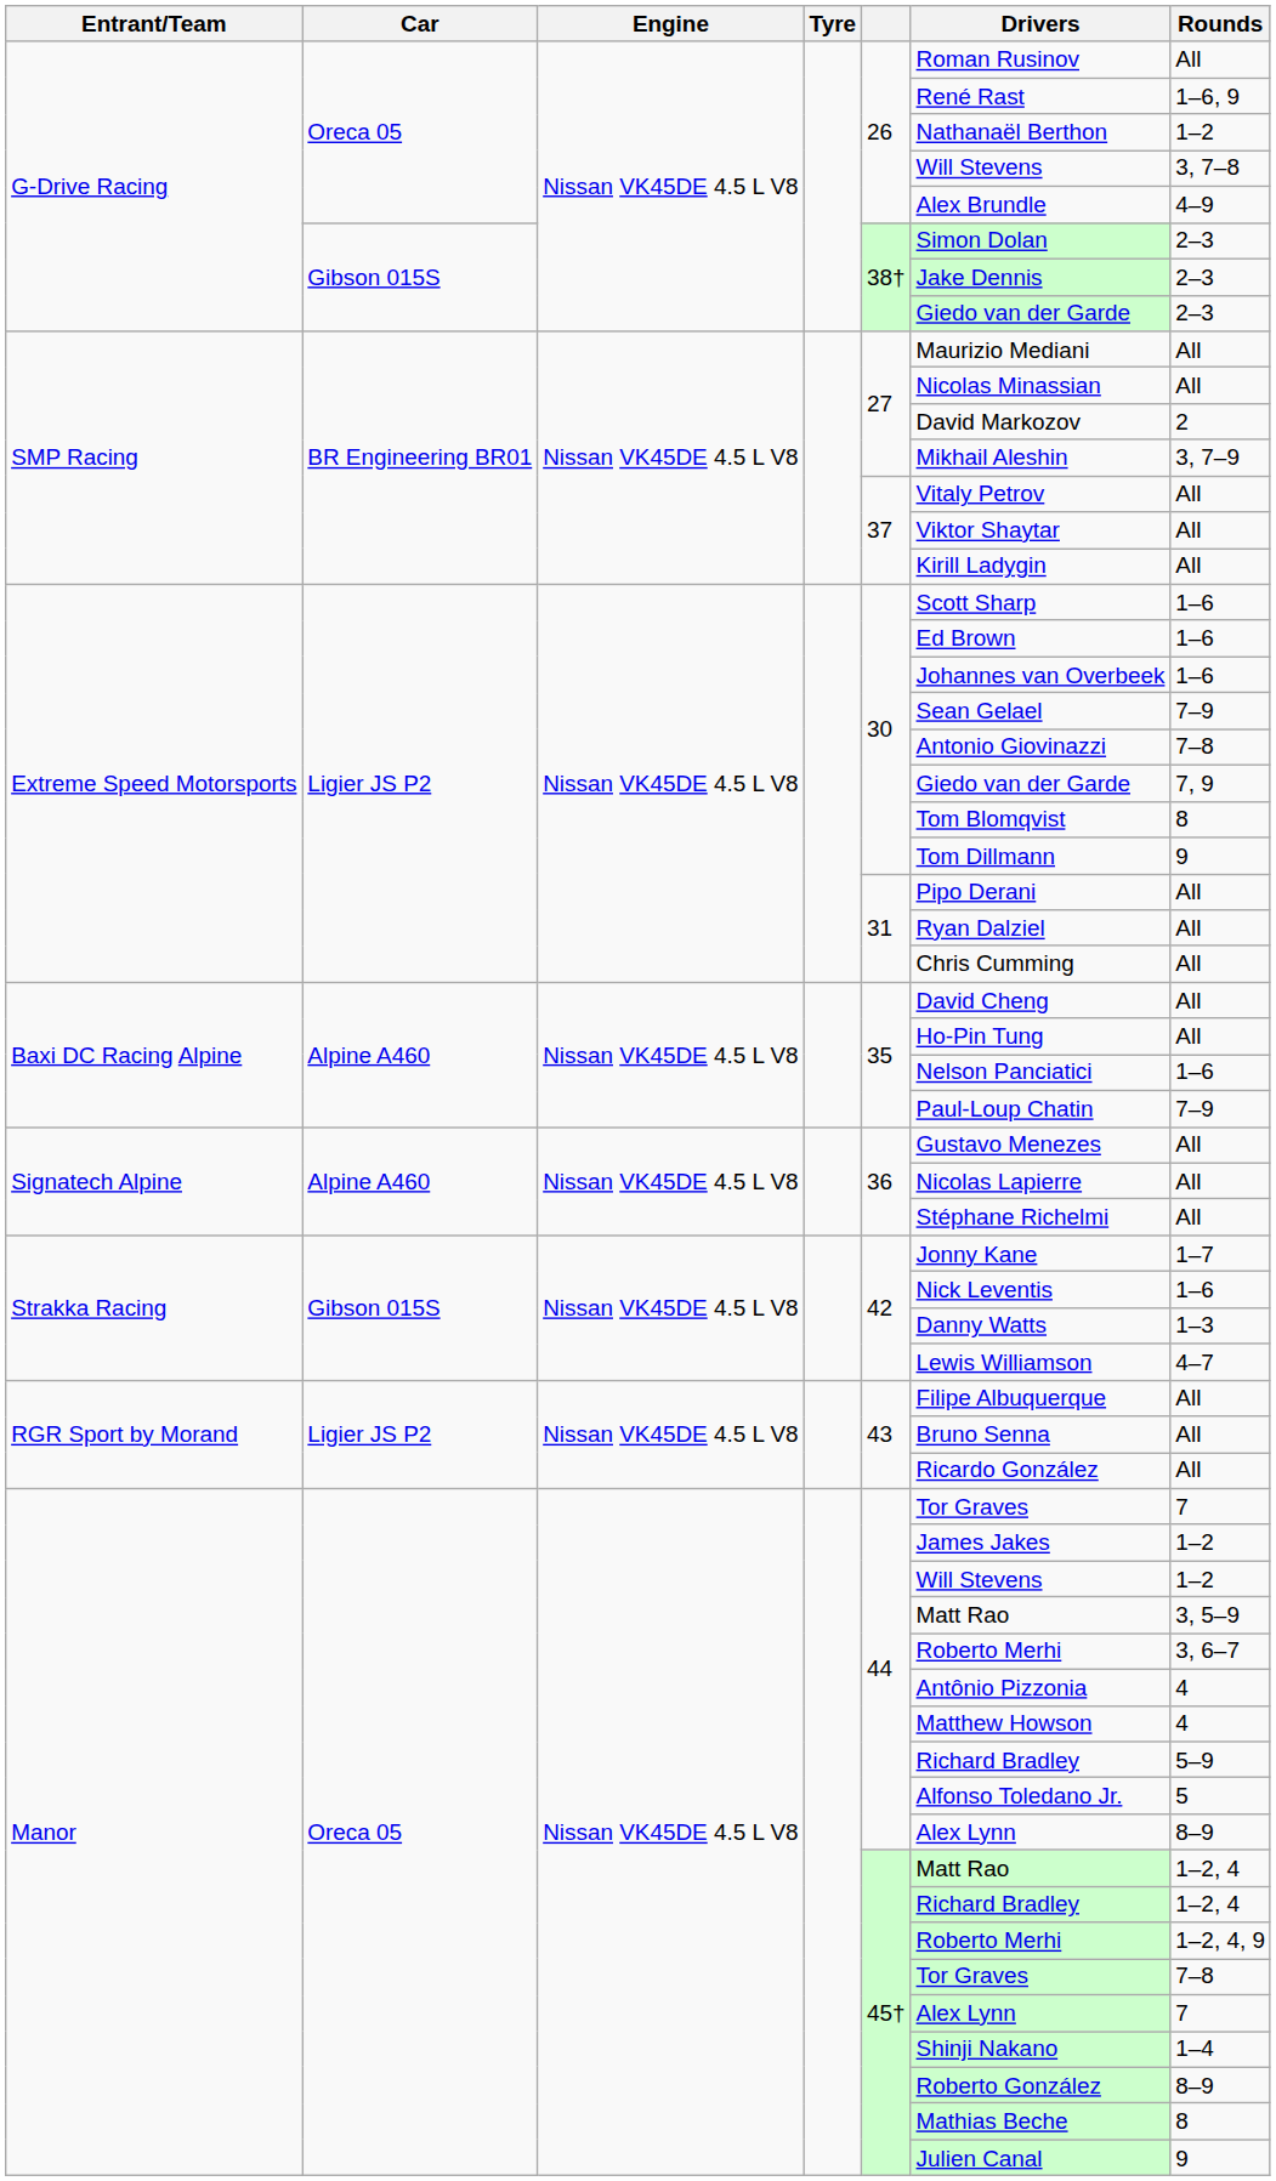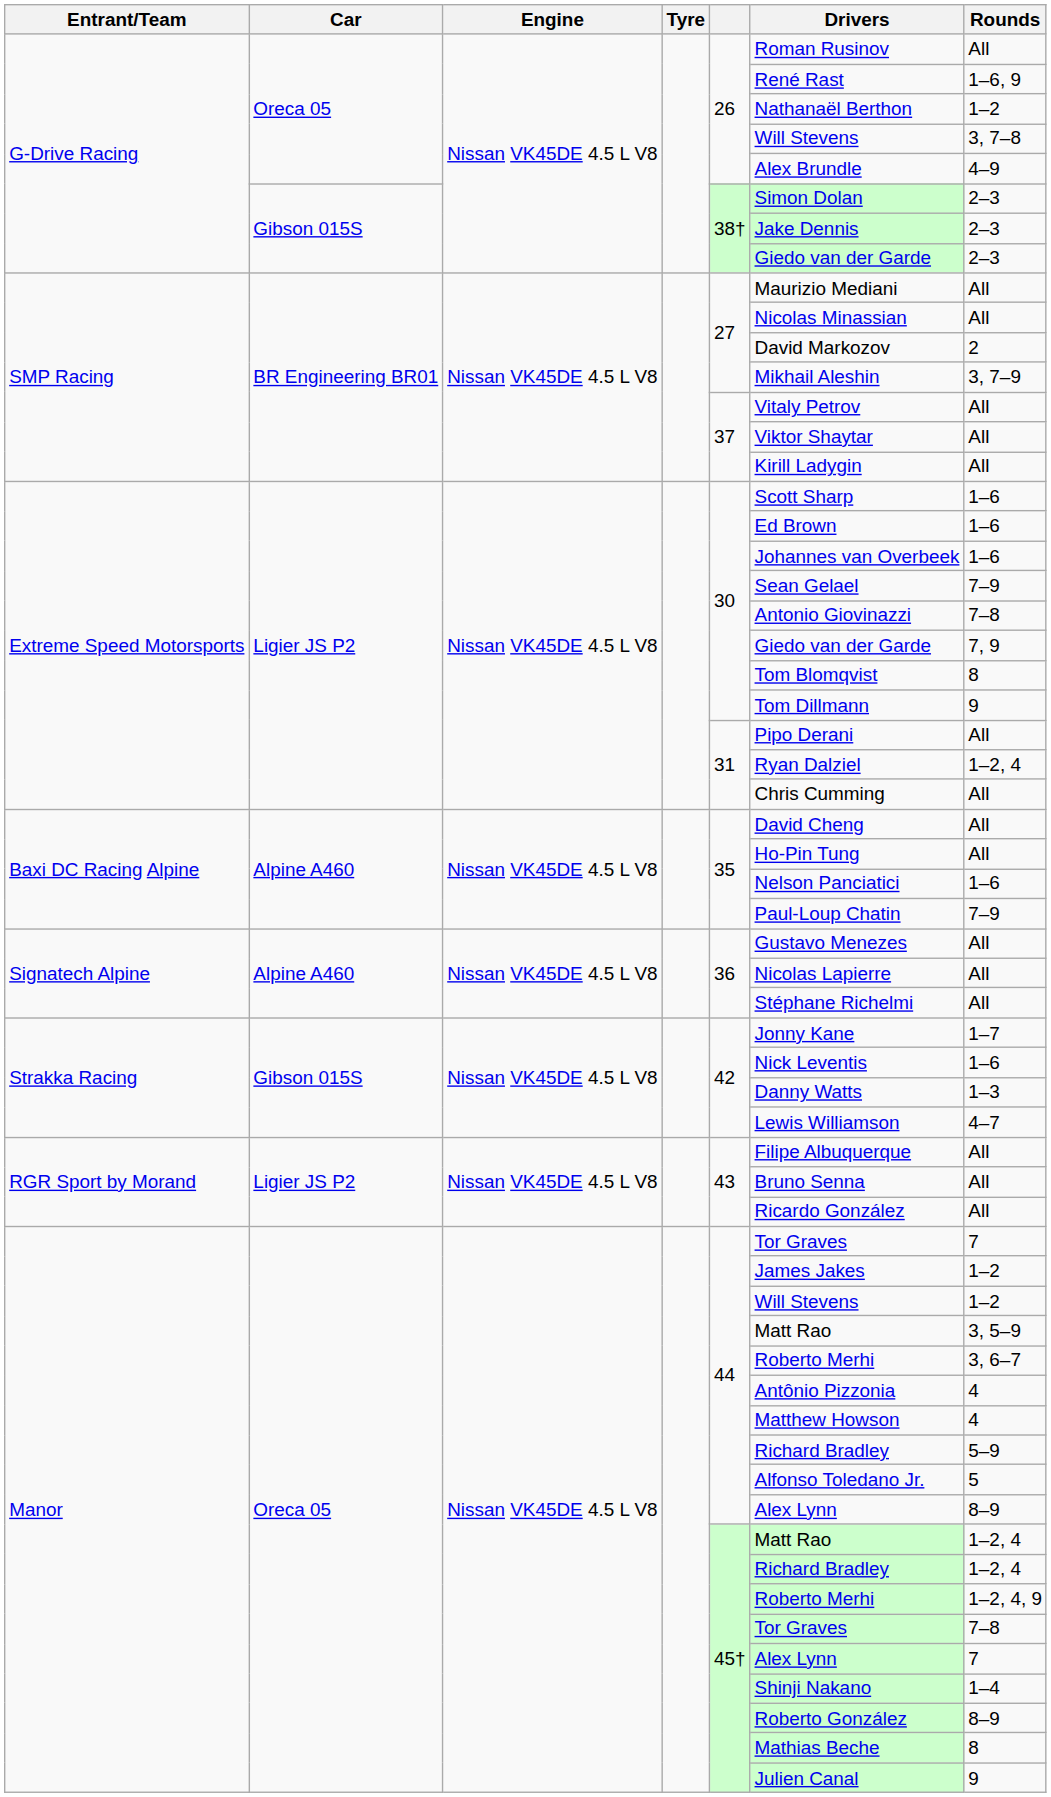 <table class="wikitable" style="font-size: 85%">
 <tr>
 <th>Entrant/Team</th>
 <th>Car</th>
 <th>Engine</th>
 <th>Tyre</th>
 <th></th>
 <th>Drivers</th>
 <th>Rounds</th>
 </tr>
 <tr>
 <td rowspan=8> <a href='#'>G-Drive Racing</a></td>
 <td rowspan=5><a href='#'>Oreca 05</a></td>
 <td rowspan=8><a href='#'>Nissan</a> <a href='#'>VK45DE</a> 4.5 L V8</td>
 <td rowspan=8></td>
 <td rowspan=5>26</td>
 <td> <a href='#'>Roman Rusinov</a></td>
 <td>All</td>
 </tr>
 <tr>
 <td> <a href='#'>René Rast</a></td>
 <td>1–6, 9</td>
 </tr>
 <tr>
 <td> <a href='#'>Nathanaël Berthon</a></td>
 <td>1–2</td>
 </tr>
 <tr>
 <td> <a href='#'>Will Stevens</a></td>
 <td>3, 7–8</td>
 </tr>
 <tr>
 <td> <a href='#'>Alex Brundle</a></td>
 <td>4–9</td>
 </tr>
 <tr>
 <td rowspan=3><a href='#'>Gibson 015S</a></td>
 <td rowspan=3 style="background-color: #ccffcc">38†</td>
 <td style="background-color: #ccffcc"> <a href='#'>Simon Dolan</a></td>
 <td>2–3</td>
 </tr>
 <tr>
 <td style="background-color: #ccffcc"> <a href='#'>Jake Dennis</a></td>
 <td>2–3</td>
 </tr>
 <tr>
 <td style="background-color: #ccffcc"> <a href='#'>Giedo van der Garde</a></td>
 <td>2–3</td>
 </tr>
 <tr>
 <td rowspan=7> <a href='#'>SMP Racing</a></td>
 <td rowspan=7><a href='#'>BR Engineering BR01</a></td>
 <td rowspan=7><a href='#'>Nissan</a> <a href='#'>VK45DE</a> 4.5 L V8</td>
 <td rowspan=7></td>
 <td rowspan=4>27</td>
 <td> Maurizio Mediani</td>
 <td>All</td>
 </tr>
 <tr>
 <td> <a href='#'>Nicolas Minassian</a></td>
 <td>All</td>
 </tr>
 <tr>
 <td> David Markozov</td>
 <td>2</td>
 </tr>
 <tr>
 <td> <a href='#'>Mikhail Aleshin</a></td>
 <td>3, 7–9</td>
 </tr>
 <tr>
 <td rowspan=3>37</td>
 <td> <a href='#'>Vitaly Petrov</a></td>
 <td>All</td>
 </tr>
 <tr>
 <td> <a href='#'>Viktor Shaytar</a></td>
 <td>All</td>
 </tr>
 <tr>
 <td> <a href='#'>Kirill Ladygin</a></td>
 <td>All</td>
 </tr>
 <tr>
 <td rowspan=11> <a href='#'>Extreme Speed Motorsports</a></td>
 <td rowspan=11><a href='#'>Ligier JS P2</a></td>
 <td rowspan=11><a href='#'>Nissan</a> <a href='#'>VK45DE</a> 4.5 L V8</td>
 <td rowspan=11><br></td>
 <td rowspan=8>30</td>
 <td> <a href='#'>Scott Sharp</a></td>
 <td>1–6</td>
 </tr>
 <tr>
 <td> <a href='#'>Ed Brown</a></td>
 <td>1–6</td>
 </tr>
 <tr>
 <td> <a href='#'>Johannes van Overbeek</a></td>
 <td>1–6</td>
 </tr>
 <tr>
 <td> <a href='#'>Sean Gelael</a></td>
 <td>7–9</td>
 </tr>
 <tr>
 <td> <a href='#'>Antonio Giovinazzi</a></td>
 <td>7–8</td>
 </tr>
 <tr>
 <td> <a href='#'>Giedo van der Garde</a></td>
 <td>7, 9</td>
 </tr>
 <tr>
 <td> <a href='#'>Tom Blomqvist</a></td>
 <td>8</td>
 </tr>
 <tr>
 <td> <a href='#'>Tom Dillmann</a></td>
 <td>9</td>
 </tr>
 <tr>
 <td rowspan=3>31</td>
 <td> <a href='#'>Pipo Derani</a></td>
 <td>All</td>
 </tr>
 <tr>
 <td> <a href='#'>Ryan Dalziel</a></td>
-<td>All</td>
+<td>1–2, 4</td>
 </tr>
 <tr>
 <td> Chris Cumming</td>
 <td>All</td>
 </tr>
 <tr>
 <td rowspan=4> <a href='#'>Baxi DC Racing</a> <a href='#'>Alpine</a></td>
 <td rowspan=4><a href='#'>Alpine A460</a></td>
 <td rowspan=4><a href='#'>Nissan</a> <a href='#'>VK45DE</a> 4.5 L V8</td>
 <td rowspan=4></td>
 <td rowspan=4>35</td>
 <td> <a href='#'>David Cheng</a></td>
 <td>All</td>
 </tr>
 <tr>
 <td> <a href='#'>Ho-Pin Tung</a></td>
 <td>All</td>
 </tr>
 <tr>
 <td> <a href='#'>Nelson Panciatici</a></td>
 <td>1–6</td>
 </tr>
 <tr>
 <td> <a href='#'>Paul-Loup Chatin</a></td>
 <td>7–9</td>
 </tr>
 <tr>
 <td rowspan=3> <a href='#'>Signatech Alpine</a></td>
 <td rowspan=3><a href='#'>Alpine A460</a></td>
 <td rowspan=3><a href='#'>Nissan</a> <a href='#'>VK45DE</a> 4.5 L V8</td>
 <td rowspan=3></td>
 <td rowspan=3>36</td>
 <td> <a href='#'>Gustavo Menezes</a></td>
 <td>All</td>
 </tr>
 <tr>
 <td> <a href='#'>Nicolas Lapierre</a></td>
 <td>All</td>
 </tr>
 <tr>
 <td> <a href='#'>Stéphane Richelmi</a></td>
 <td>All</td>
 </tr>
 <tr>
 <td rowspan=4> <a href='#'>Strakka Racing</a></td>
 <td rowspan=4><a href='#'>Gibson 015S</a></td>
 <td rowspan=4><a href='#'>Nissan</a> <a href='#'>VK45DE</a> 4.5 L V8</td>
 <td rowspan=4></td>
 <td rowspan=4>42</td>
 <td> <a href='#'>Jonny Kane</a></td>
 <td>1–7</td>
 </tr>
 <tr>
 <td> <a href='#'>Nick Leventis</a></td>
 <td>1–6</td>
 </tr>
 <tr>
 <td> <a href='#'>Danny Watts</a></td>
 <td>1–3</td>
 </tr>
 <tr>
 <td> <a href='#'>Lewis Williamson</a></td>
 <td>4–7</td>
 </tr>
 <tr>
 <td rowspan=3> <a href='#'>RGR Sport by Morand</a></td>
 <td rowspan=3><a href='#'>Ligier JS P2</a></td>
 <td rowspan=3><a href='#'>Nissan</a> <a href='#'>VK45DE</a> 4.5 L V8</td>
 <td rowspan=3></td>
 <td rowspan=3>43</td>
 <td> <a href='#'>Filipe Albuquerque</a></td>
 <td>All</td>
 </tr>
 <tr>
 <td> <a href='#'>Bruno Senna</a></td>
 <td>All</td>
 </tr>
 <tr>
 <td> <a href='#'>Ricardo González</a></td>
 <td>All</td>
 </tr>
 <tr>
 <td rowspan=19> <a href='#'>Manor</a></td>
 <td rowspan=19><a href='#'>Oreca 05</a></td>
 <td rowspan=19><a href='#'>Nissan</a> <a href='#'>VK45DE</a> 4.5 L V8</td>
 <td rowspan=19></td>
 <td rowspan=10>44</td>
 <td> <a href='#'>Tor Graves</a></td>
 <td>7</td>
 </tr>
 <tr>
 <td> <a href='#'>James Jakes</a></td>
 <td>1–2</td>
 </tr>
 <tr>
 <td> <a href='#'>Will Stevens</a></td>
 <td>1–2</td>
 </tr>
 <tr>
 <td> Matt Rao</td>
 <td>3, 5–9</td>
 </tr>
 <tr>
 <td> <a href='#'>Roberto Merhi</a></td>
 <td>3, 6–7</td>
 </tr>
 <tr>
 <td> <a href='#'>Antônio Pizzonia</a></td>
 <td>4</td>
 </tr>
 <tr>
 <td> <a href='#'>Matthew Howson</a></td>
 <td>4</td>
 </tr>
 <tr>
 <td> <a href='#'>Richard Bradley</a></td>
 <td>5–9</td>
 </tr>
 <tr>
 <td> <a href='#'>Alfonso Toledano Jr.</a></td>
 <td>5</td>
 </tr>
 <tr>
 <td> <a href='#'>Alex Lynn</a></td>
 <td>8–9</td>
 </tr>
 <tr>
 <td rowspan=9 style="background-color: #ccffcc">45†</td>
 <td style="background-color: #ccffcc"> Matt Rao</td>
 <td>1–2, 4</td>
 </tr>
 <tr>
 <td style="background-color: #ccffcc"> <a href='#'>Richard Bradley</a></td>
 <td>1–2, 4</td>
 </tr>
 <tr>
 <td style="background-color: #ccffcc"> <a href='#'>Roberto Merhi</a></td>
 <td>1–2, 4, 9</td>
 </tr>
 <tr>
 <td style="background-color: #ccffcc"> <a href='#'>Tor Graves</a></td>
 <td>7–8</td>
 </tr>
 <tr>
 <td style="background-color: #ccffcc"> <a href='#'>Alex Lynn</a></td>
 <td>7</td>
 </tr>
 <tr>
 <td style="background-color: #ccffcc"> <a href='#'>Shinji Nakano</a></td>
 <td>1–4</td>
 </tr>
 <tr>
 <td style="background-color: #ccffcc"> <a href='#'>Roberto González</a></td>
 <td>8–9</td>
 </tr>
 <tr>
 <td style="background-color: #ccffcc"> <a href='#'>Mathias Beche</a></td>
 <td>8</td>
 </tr>
 <tr>
 <td style="background-color: #ccffcc"> <a href='#'>Julien Canal</a></td>
 <td>9</td>
 </tr>
 </table>
